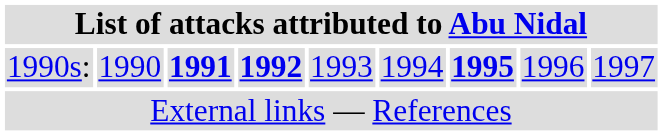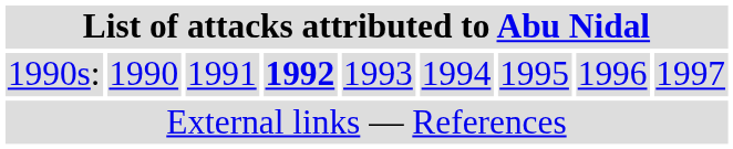 <table>
 <tr>
 <th bgcolor=#dddddd align=center colspan=11>List of attacks attributed to <a href='#'>Abu Nidal</a></th>
 </tr>
 <tr>
 <td ! bgcolor=#dddddd  align=right><a href='#'>1990s</a>:</td>
 <td bgcolor=#dddddd><a href='#'>1990</a></td>
-<td bgcolor=#dddddd><strong><a href='#'>1991</a></strong></td>
+<td bgcolor=#dddddd><a href='#'>1991</a></td>
 <td bgcolor=#dddddd><strong><a href='#'>1992</a></strong></td>
 <td bgcolor=#dddddd><a href='#'>1993</a></td>
 <td bgcolor=#dddddd><a href='#'>1994</a></td>
-<td bgcolor=#dddddd><strong><a href='#'>1995</a></strong></td>
+<td bgcolor=#dddddd><a href='#'>1995</a></td>
 <td bgcolor=#dddddd><a href='#'>1996</a></td>
 <td bgcolor=#dddddd><a href='#'>1997</a></td>
 </tr>
 <tr>
 <td bgcolor=#dddddd align=center colspan=11><a href='#'>External links</a> — <a href='#'>References</a></td>
 </tr>
 </table>
